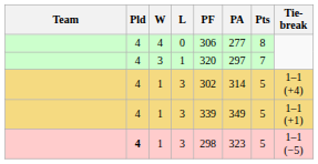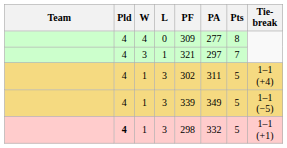 <table class="wikitable" style="text-align:center;">
 <tr>
 <th width=170>Team</th>
 <th width=25>Pld</th>
 <th width=25>W</th>
 <th width=25>L</th>
 <th width=35>PF</th>
 <th width=35>PA</th>
 <th width=25>Pts</th>
 <th width=50>Tie-break</th>
 </tr>
 <tr bgcolor=#ccffcc>
 <td align="left"></td>
 <td>4</td>
 <td>4</td>
 <td>0</td>
-<td>306</td>
+<td>309</td>
 <td>277</td>
 <td>8</td>
 </tr>
 <tr bgcolor=#ccffcc>
 <td align="left"></td>
 <td>4</td>
 <td>3</td>
 <td>1</td>
-<td>320</td>
+<td>321</td>
 <td>297</td>
 <td>7</td>
 </tr>
 <tr bgcolor=#F5DA81>
 <td align="left"></td>
 <td>4</td>
 <td>1</td>
 <td>3</td>
 <td>302</td>
-<td>314</td>
+<td>311</td>
 <td>5</td>
 <td>1–1 (+4)</td>
 </tr>
 <tr bgcolor=#F5DA81>
 <td align="left"></td>
 <td>4</td>
 <td>1</td>
 <td>3</td>
 <td>339</td>
 <td>349</td>
 <td>5</td>
-<td>1–1 (+1)</td>
+<td>1–1 (−5)</td>
 </tr>
 <tr bgcolor=#ffcccc>
 <td align="left"></td>
 <td><strong>4</strong></td>
 <td>1</td>
 <td>3</td>
 <td>298</td>
-<td>323</td>
+<td>332</td>
 <td>5</td>
-<td>1–1 (−5)</td>
+<td>1–1 (+1)</td>
 </tr>
 </table>
